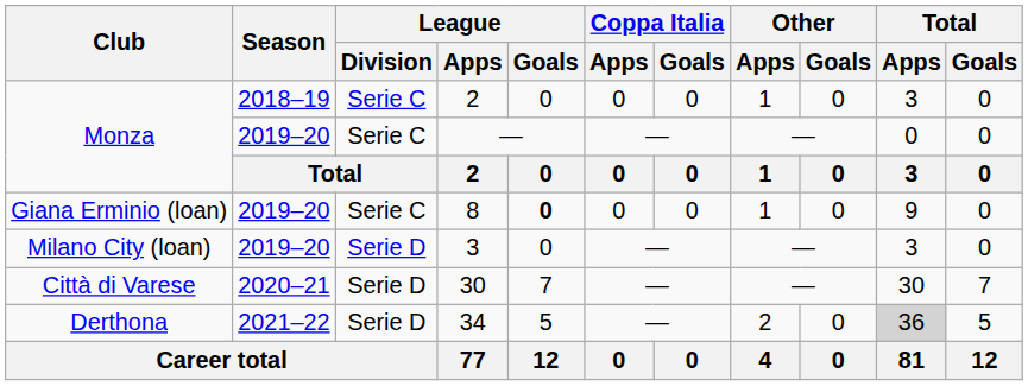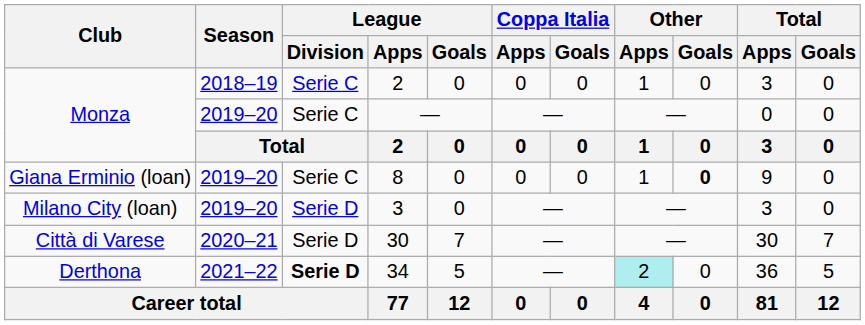 <table class="wikitable" style="text-align:center">
 <tr>
 <th rowspan="2">Club</th>
 <th rowspan="2">Season</th>
 <th colspan="3">League</th>
 <th colspan="2"><a href='#'>Coppa Italia</a></th>
 <th colspan="2">Other</th>
 <th colspan="2">Total</th>
 </tr>
 <tr>
 <th>Division</th>
 <th>Apps</th>
 <th>Goals</th>
 <th>Apps</th>
 <th>Goals</th>
 <th>Apps</th>
 <th>Goals</th>
 <th>Apps</th>
 <th>Goals</th>
 </tr>
 <tr>
 <td rowspan="3"><a href='#'>Monza</a></td>
 <td><a href='#'>2018–19</a></td>
 <td><a href='#'>Serie C</a></td>
 <td>2</td>
 <td>0</td>
 <td>0</td>
 <td>0</td>
 <td>1</td>
 <td>0</td>
 <td>3</td>
 <td>0</td>
 </tr>
 <tr>
 <td><a href='#'>2019–20</a></td>
 <td>Serie C</td>
 <td colspan="2">—</td>
 <td colspan="2">—</td>
 <td colspan="2">—</td>
 <td>0</td>
 <td>0</td>
 </tr>
 <tr>
 <th colspan="2">Total</th>
 <th>2</th>
 <th>0</th>
 <th>0</th>
 <th>0</th>
 <th>1</th>
 <th>0</th>
 <th>3</th>
 <th>0</th>
 </tr>
 <tr>
 <td><a href='#'>Giana Erminio</a> (loan)</td>
 <td><a href='#'>2019–20</a></td>
 <td>Serie C</td>
 <td>8</td>
-<td><strong>0</strong></td>
+<td>0</td>
 <td>0</td>
 <td>0</td>
 <td>1</td>
-<td>0</td>
+<td><strong>0</strong></td>
 <td>9</td>
 <td>0</td>
 </tr>
 <tr>
 <td><a href='#'>Milano City</a> (loan)</td>
 <td><a href='#'>2019–20</a></td>
 <td><a href='#'>Serie D</a></td>
 <td>3</td>
 <td>0</td>
 <td colspan="2">—</td>
 <td colspan="2">—</td>
 <td>3</td>
 <td>0</td>
 </tr>
 <tr>
 <td><a href='#'>Città di Varese</a></td>
 <td><a href='#'>2020–21</a></td>
 <td>Serie D</td>
 <td>30</td>
 <td>7</td>
 <td colspan="2">—</td>
 <td colspan="2">—</td>
 <td>30</td>
 <td>7</td>
 </tr>
 <tr>
 <td><a href='#'>Derthona</a></td>
 <td><a href='#'>2021–22</a></td>
-<td>Serie D</td>
+<td><strong>Serie D</strong></td>
 <td>34</td>
 <td>5</td>
 <td colspan="2">—</td>
-<td>2</td>
+<td style="background: paleturquoise;">2</td>
 <td>0</td>
-<td style="background: lightgrey;">36</td>
+<td>36</td>
 <td>5</td>
 </tr>
 <tr>
 <th colspan="3">Career total</th>
 <th>77</th>
 <th>12</th>
 <th>0</th>
 <th>0</th>
 <th>4</th>
 <th>0</th>
 <th>81</th>
 <th>12</th>
 </tr>
 </table>
